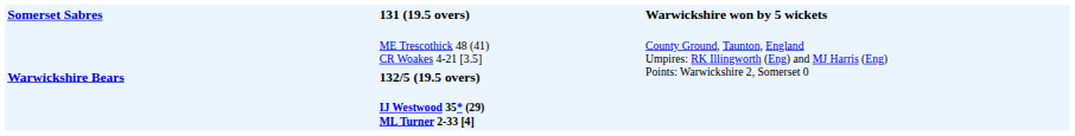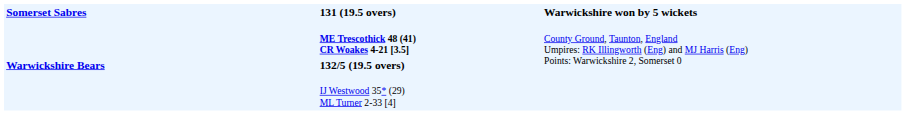 <table style="width:100%; background:#ebf5ff;">
 <tr>
 <td style="width:35%; vertical-align:top;" rowspan="2"><strong><a href='#'>Somerset Sabres</a></strong></td>
 <td style="width:25%;"><strong>131 (19.5 overs)</strong></td>
 <td style="width:40%;"><strong>Warwickshire won by 5 wickets</strong></td>
 </tr>
 <tr>
-<td style="font-size: 85%;"><br><a href='#'>ME Trescothick</a> 48 (41)<br> <a href='#'>CR Woakes</a> 4-21 [3.5]</td>
+<td style="font-size: 85%;"><strong><br><a href='#'>ME Trescothick</a> 48 (41)<br> <a href='#'>CR Woakes</a> 4-21 [3.5]</strong></td>
 <td style="vertical-align:top; font-size:85%;" rowspan="3"><br><a href='#'>County Ground</a>, <a href='#'>Taunton</a>, <a href='#'>England</a><br> Umpires: <a href='#'>RK Illingworth</a> (<a href='#'>Eng</a>) and <a href='#'>MJ Harris</a> (<a href='#'>Eng</a>)<br> Points: Warwickshire 2, Somerset 0</td>
 </tr>
 <tr>
 <td style="vertical-align:top;" rowspan="2"><strong><a href='#'>Warwickshire Bears</a></strong></td>
 <td><strong>132/5 (19.5 overs)</strong></td>
 </tr>
 <tr>
-<td style="font-size: 85%;"><strong><br><a href='#'>IJ Westwood</a> 35<a href='#'>*</a> (29)<br> <a href='#'>ML Turner</a> 2-33 [4]</strong></td>
+<td style="font-size: 85%;"><br><a href='#'>IJ Westwood</a> 35<a href='#'>*</a> (29)<br> <a href='#'>ML Turner</a> 2-33 [4]</td>
 </tr>
 </table>
